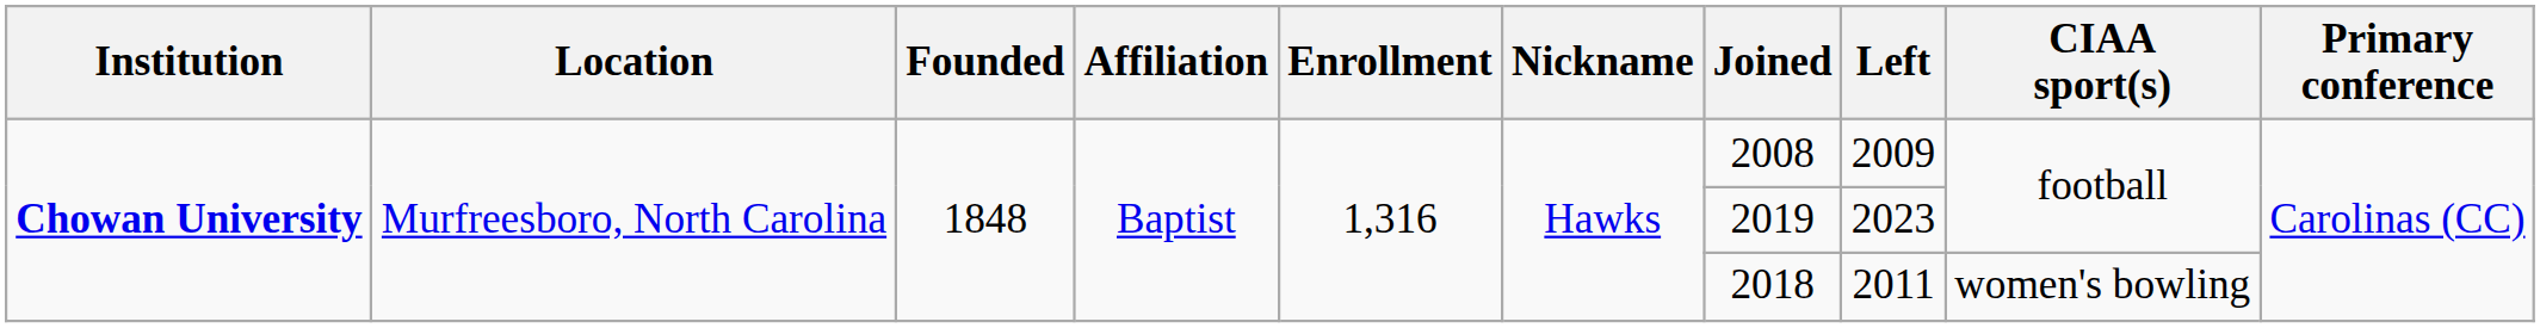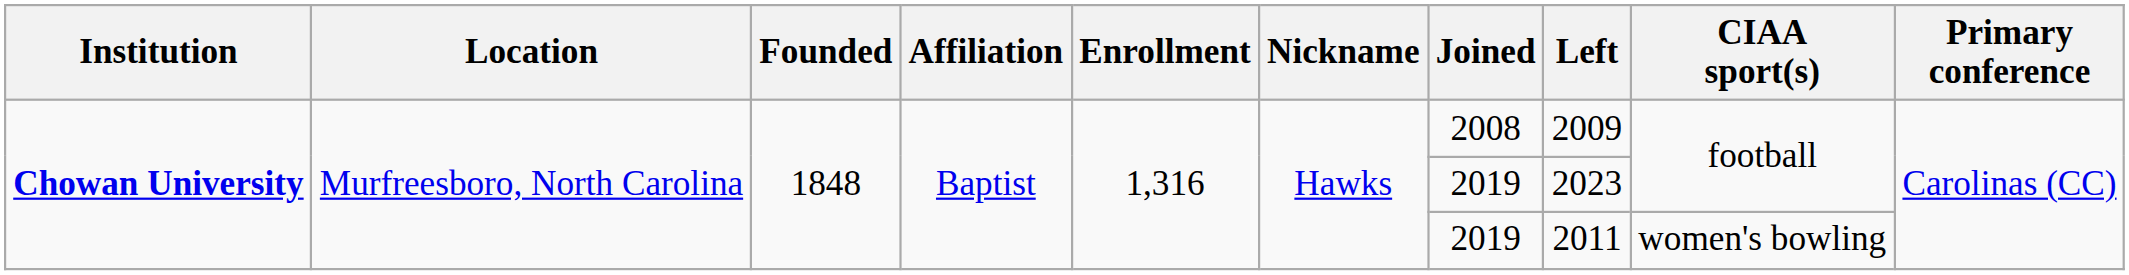 <table class="wikitable sortable" style="text-align:center">
 <tr>
 <th>Institution</th>
 <th>Location</th>
 <th>Founded</th>
 <th>Affiliation</th>
 <th>Enrollment</th>
 <th>Nickname</th>
 <th>Joined</th>
 <th>Left</th>
 <th>CIAA<br>sport(s)</th>
 <th>Primary<br>conference</th>
 </tr>
 <tr>
 <td rowspan="3"><strong><a href='#'>Chowan University</a></strong></td>
 <td rowspan="3"><a href='#'>Murfreesboro, North Carolina</a></td>
 <td rowspan="3">1848</td>
 <td rowspan="3"><a href='#'>Baptist</a><br></td>
 <td rowspan="3">1,316</td>
 <td rowspan="3"><a href='#'>Hawks</a></td>
 <td>2008</td>
 <td>2009</td>
 <td rowspan="2">football</td>
 <td rowspan="3"><a href='#'>Carolinas (CC)</a></td>
 </tr>
 <tr>
 <td>2019</td>
 <td>2023</td>
 </tr>
 <tr>
-<td>2018</td>
+<td>2019</td>
 <td>2011</td>
 <td>women's bowling</td>
 </tr>
 </table>
